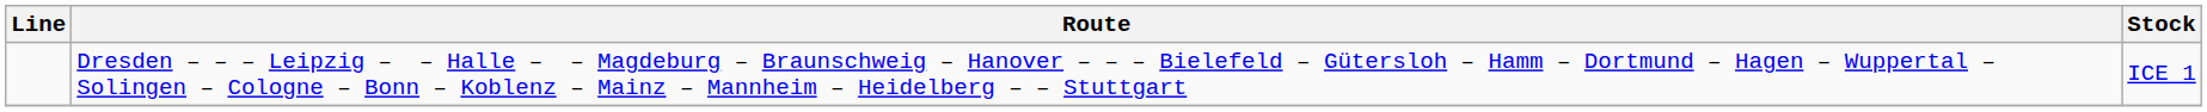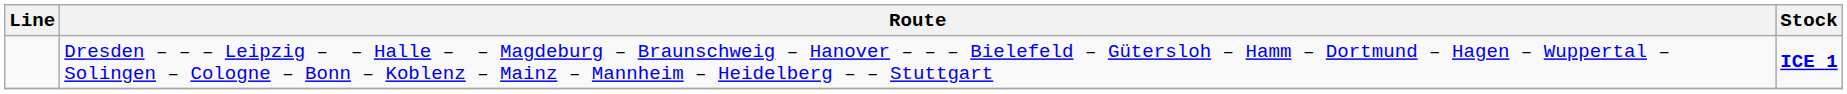 <table class="wikitable">
 <tr>
 <th>Line</th>
 <th>Route</th>
 <th>Stock</th>
 </tr>
 <tr>
 <td></td>
 <td><a href='#'>Dresden</a> –  –  – <a href='#'>Leipzig</a> – <em></em> – <a href='#'>Halle</a> –  – <a href='#'>Magdeburg</a> – <a href='#'>Braunschweig</a> – <a href='#'>Hanover</a> –  –  – <a href='#'>Bielefeld</a> – <a href='#'>Gütersloh</a> – <a href='#'>Hamm</a> – <a href='#'>Dortmund</a> – <a href='#'>Hagen</a> – <a href='#'>Wuppertal</a> – <a href='#'>Solingen</a> – <a href='#'>Cologne</a> – <a href='#'>Bonn</a> – <a href='#'>Koblenz</a> – <a href='#'>Mainz</a> – <a href='#'>Mannheim</a> – <a href='#'>Heidelberg</a> –  – <a href='#'>Stuttgart</a></td>
-<td><a href='#'>ICE 1</a></td>
+<td><strong><a href='#'>ICE 1</a></strong></td>
 </tr>
 <tr>
 </tr>
 </table>
